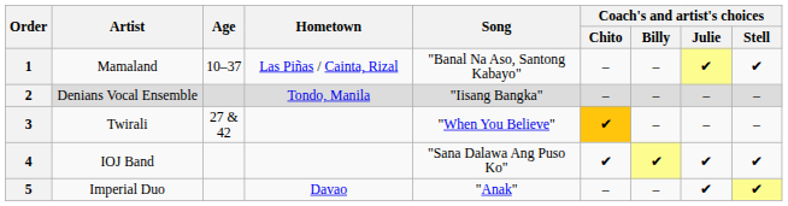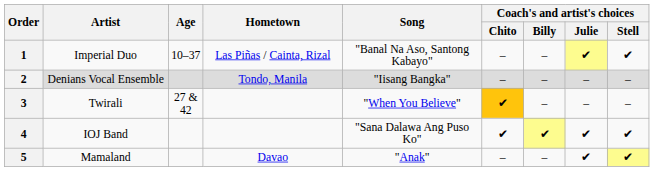 <table class="wikitable" style="text-align:center; line-height:17px; width:100%">
 <tr>
 <th scope=col rowspan=2 style="width:4%">Order</th>
 <th scope=col rowspan=2 style="width:18%">Artist</th>
 <th scope=col rowspan=2 style="width:5%">Age</th>
 <th scope=col rowspan=2 style="width:20%">Hometown</th>
 <th scope=col rowspan=2 style="width:20%">Song</th>
 <th scope=col colspan=4 style="width:24%">Coach's and artist's choices</th>
 </tr>
 <tr>
 <th style="width:6%">Chito</th>
 <th style="width:6%">Billy</th>
 <th style="width:6%">Julie</th>
 <th style="width:6%">Stell</th>
 </tr>
 <tr>
 <th>1</th>
-<td>Mamaland</td>
+<td>Imperial Duo</td>
 <td>10–37</td>
 <td><a href='#'>Las Piñas</a> / <a href='#'>Cainta, Rizal</a></td>
 <td>"Banal Na Aso, Santong Kabayo"</td>
 <td>–</td>
 <td>–</td>
 <td style="background:#fdfc8f">✔</td>
 <td>✔</td>
 </tr>
 <tr style="background:#dcdcdc">
 <th>2</th>
 <td>Denians Vocal Ensemble</td>
 <td></td>
 <td><a href='#'>Tondo, Manila</a></td>
 <td>"Iisang Bangka"</td>
 <td>–</td>
 <td>–</td>
 <td>–</td>
 <td>–</td>
 </tr>
 <tr>
 <th>3</th>
 <td>Twirali</td>
 <td>27 & 42</td>
 <td></td>
 <td>"<a href='#'>When You Believe</a>"</td>
 <td style="background:#ffc40c">✔</td>
 <td>–</td>
 <td>–</td>
 <td>–</td>
 </tr>
 <tr>
 <th>4</th>
 <td>IOJ Band</td>
 <td></td>
 <td></td>
 <td>"Sana Dalawa Ang Puso Ko"</td>
 <td>✔</td>
 <td style="background:#fdfc8f">✔</td>
 <td>✔</td>
 <td>✔</td>
 </tr>
 <tr>
 <th>5</th>
-<td>Imperial Duo</td>
+<td>Mamaland</td>
 <td></td>
 <td><a href='#'>Davao</a></td>
 <td>"<a href='#'>Anak</a>"</td>
 <td>–</td>
 <td>–</td>
 <td>✔</td>
 <td style="background:#fdfc8f">✔</td>
 </tr>
 </table>
